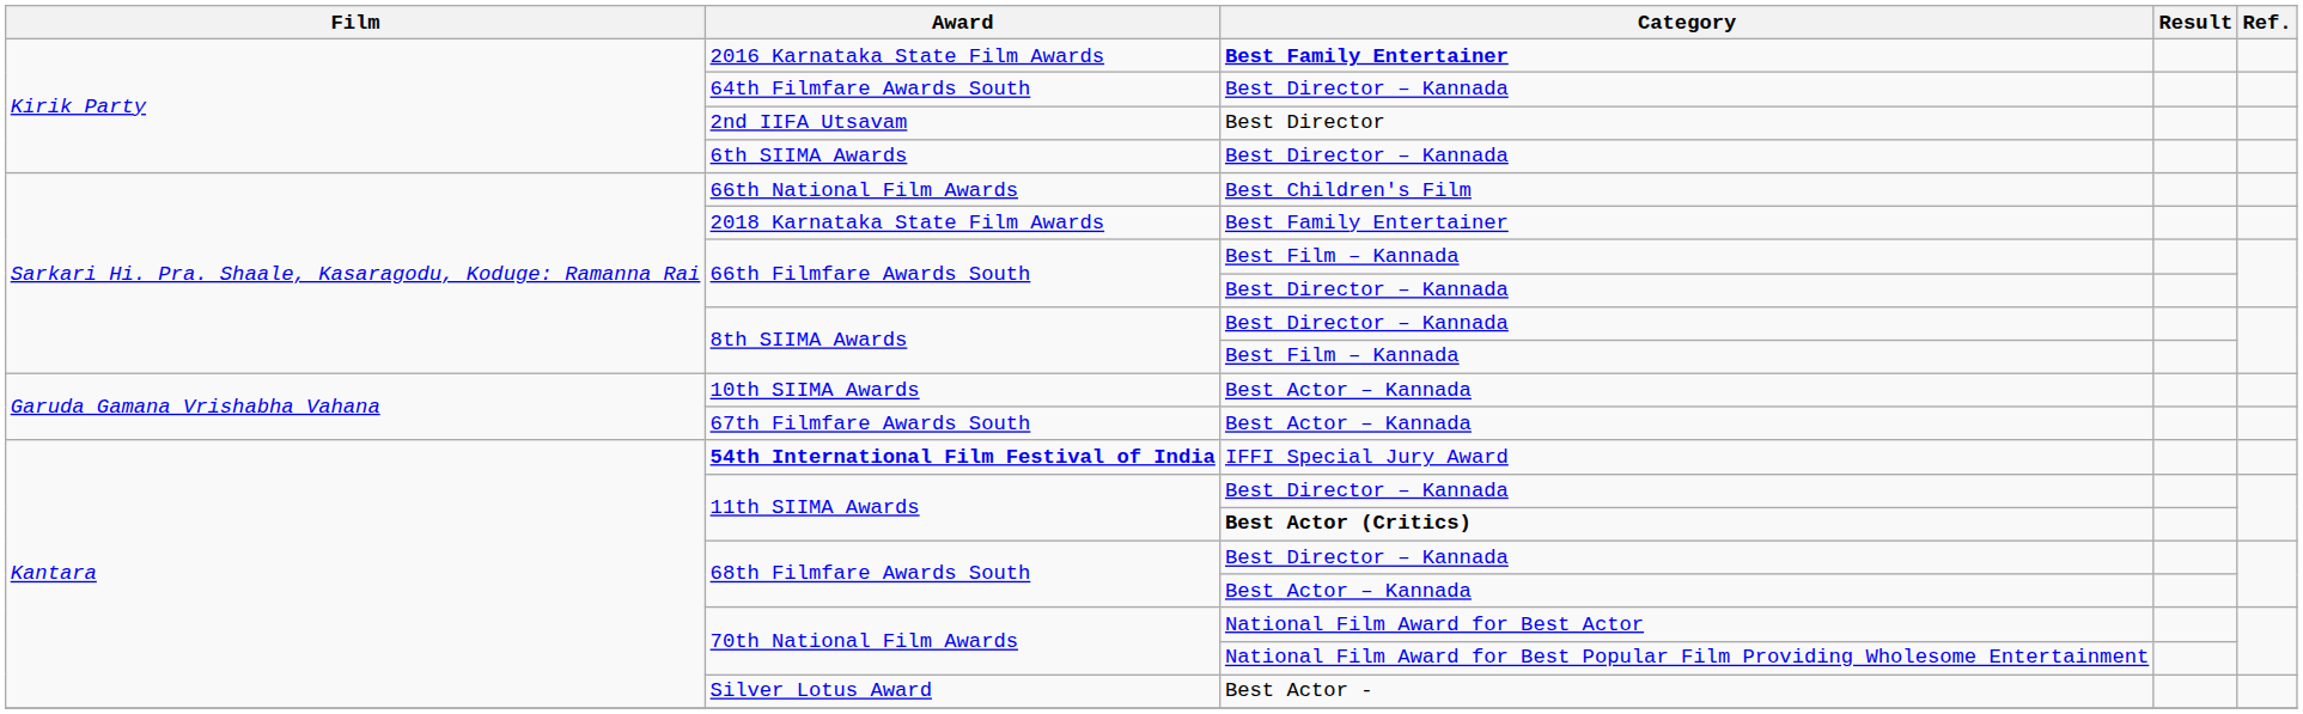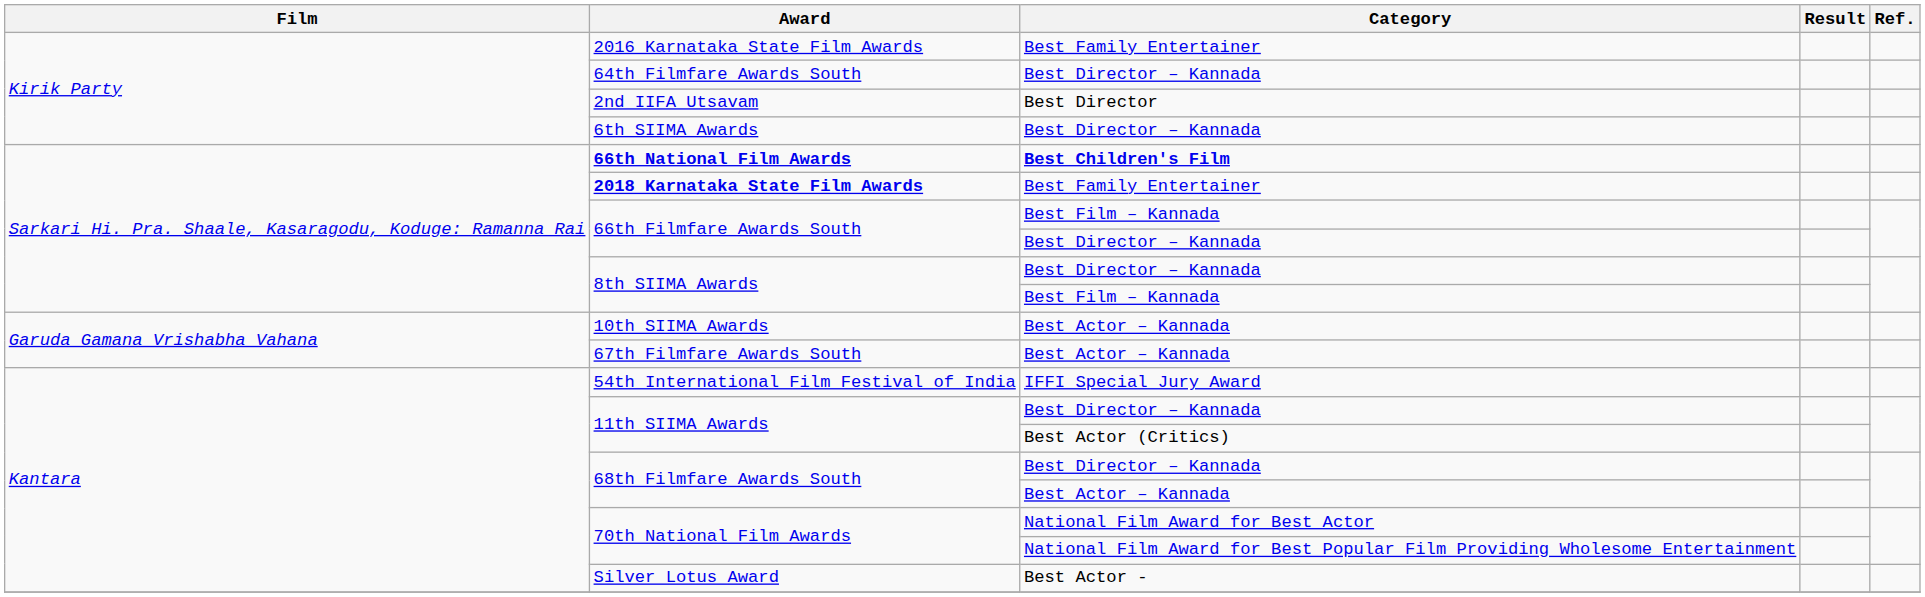 <table class="wikitable">
 <tr>
 <th>Film</th>
 <th>Award</th>
 <th>Category</th>
 <th>Result</th>
 <th>Ref.</th>
 </tr>
 <tr>
 <td rowspan="4"><em><a href='#'>Kirik Party</a></em></td>
 <td><a href='#'>2016 Karnataka State Film Awards</a></td>
-<td><strong><a href='#'>Best Family Entertainer</a></strong></td>
+<td><a href='#'>Best Family Entertainer</a></td>
 <td></td>
 <td></td>
 </tr>
 <tr>
 <td><a href='#'>64th Filmfare Awards South</a></td>
 <td><a href='#'>Best Director – Kannada</a></td>
 <td></td>
 <td></td>
 </tr>
 <tr>
 <td><a href='#'>2nd IIFA Utsavam</a></td>
 <td>Best Director</td>
 <td></td>
 <td></td>
 </tr>
 <tr>
 <td><a href='#'>6th SIIMA Awards</a></td>
 <td><a href='#'>Best Director – Kannada</a></td>
 <td></td>
 <td></td>
 </tr>
 <tr>
 <td rowspan="6"><em><a href='#'>Sarkari Hi. Pra. Shaale, Kasaragodu, Koduge: Ramanna Rai</a></em></td>
-<td><a href='#'>66th National Film Awards</a></td>
-<td><a href='#'>Best Children's Film</a></td>
+<td><strong><a href='#'>66th National Film Awards</a></strong></td>
+<td><strong><a href='#'>Best Children's Film</a></strong></td>
 <td></td>
 <td></td>
 </tr>
 <tr>
-<td><a href='#'>2018 Karnataka State Film Awards</a></td>
+<td><strong><a href='#'>2018 Karnataka State Film Awards</a></strong></td>
 <td><a href='#'>Best Family Entertainer</a></td>
 <td></td>
 <td><br></td>
 </tr>
 <tr>
 <td rowspan=2><a href='#'>66th Filmfare Awards South</a></td>
 <td><a href='#'>Best Film – Kannada</a></td>
 <td></td>
 <td rowspan=2><br></td>
 </tr>
 <tr>
 <td><a href='#'>Best Director – Kannada</a></td>
 <td></td>
 </tr>
 <tr>
 <td rowspan="2"><a href='#'>8th SIIMA Awards</a></td>
 <td><a href='#'>Best Director – Kannada</a></td>
 <td></td>
 <td rowspan="2"><br></td>
 </tr>
 <tr>
 <td><a href='#'>Best Film – Kannada</a></td>
 <td></td>
 </tr>
 <tr>
 <td rowspan="2"><em><a href='#'>Garuda Gamana Vrishabha Vahana</a></em></td>
 <td><a href='#'>10th SIIMA Awards</a></td>
 <td><a href='#'>Best Actor – Kannada</a></td>
 <td></td>
 <td></td>
 </tr>
 <tr>
 <td><a href='#'>67th Filmfare Awards South</a></td>
 <td><a href='#'>Best Actor – Kannada</a></td>
 <td></td>
 <td></td>
 </tr>
 <tr>
 <td rowspan="8"><em><a href='#'>Kantara</a></em></td>
-<td><strong><a href='#'>54th International Film Festival of India</a></strong></td>
+<td><a href='#'>54th International Film Festival of India</a></td>
 <td><a href='#'>IFFI Special Jury Award</a></td>
 <td></td>
 <td></td>
 </tr>
 <tr>
 <td rowspan="2"><a href='#'>11th SIIMA Awards</a></td>
 <td><a href='#'>Best Director – Kannada</a></td>
 <td></td>
 <td rowspan="2"></td>
 </tr>
 <tr>
-<td><strong>Best Actor (Critics)</strong></td>
+<td>Best Actor (Critics)</td>
 <td></td>
 </tr>
 <tr>
 <td rowspan="2"><a href='#'>68th Filmfare Awards South</a></td>
 <td><a href='#'>Best Director – Kannada</a></td>
 <td></td>
 <td rowspan="2"></td>
 </tr>
 <tr>
 <td><a href='#'>Best Actor – Kannada</a></td>
 <td></td>
 </tr>
 <tr>
 <td rowspan="2"><a href='#'>70th National Film Awards</a></td>
 <td><a href='#'>National Film Award for Best Actor</a></td>
 <td></td>
 <td rowspan="2"></td>
 </tr>
 <tr>
 <td><a href='#'>National Film Award for Best Popular Film Providing Wholesome Entertainment</a></td>
 <td></td>
 </tr>
 <tr>
 <td><a href='#'>Silver Lotus Award</a></td>
 <td>Best Actor - </td>
 <td></td>
 <td></td>
 </tr>
 <tr>
 </tr>
 </table>
